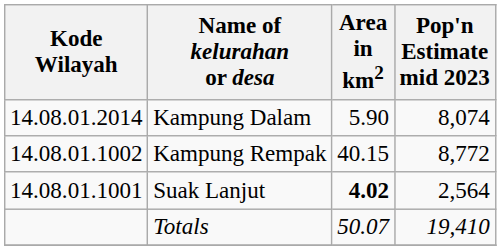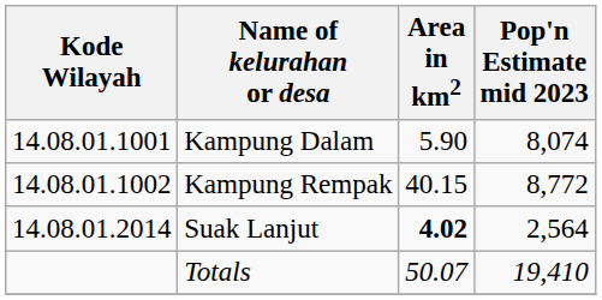 <table class="sortable wikitable">
 <tr>
 <th>Kode <br>Wilayah</th>
 <th>Name of<br><em>kelurahan</em><br>or <em>desa</em></th>
 <th>Area <br>in<br>km<sup>2</sup></th>
 <th>Pop'n<br>Estimate<br>mid 2023</th>
 </tr>
 <tr>
-<td>14.08.01.2014</td>
+<td>14.08.01.1001</td>
 <td>Kampung Dalam</td>
 <td align="right">5.90</td>
 <td align="right">8,074</td>
 </tr>
 <tr>
 <td>14.08.01.1002</td>
 <td>Kampung Rempak</td>
 <td align="right">40.15</td>
 <td align="right">8,772</td>
 </tr>
 <tr>
-<td>14.08.01.1001</td>
+<td>14.08.01.2014</td>
 <td>Suak Lanjut</td>
 <td align="right"><strong>4.02</strong></td>
 <td align="right">2,564</td>
 </tr>
 <tr>
 <td></td>
 <td><em>Totals</em></td>
 <td align="right"><em>50.07</em></td>
 <td align="right"><em>19,410</em></td>
 </tr>
 <tr>
 </tr>
 </table>
